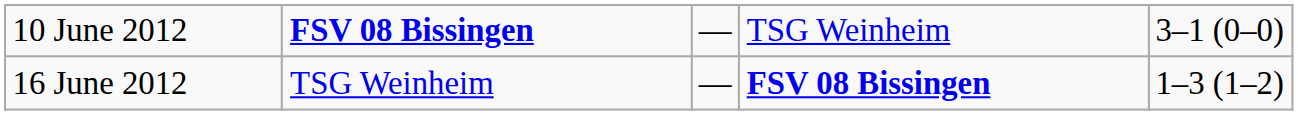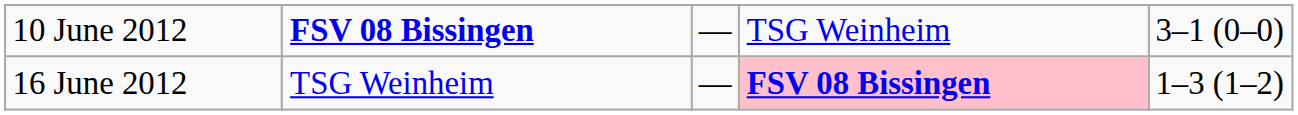 <table class="wikitable">
 <tr>
 <td style="width: 8em;">10 June 2012</td>
 <td style="width: 12em;"><strong><a href='#'>FSV 08 Bissingen</a></strong></td>
 <td style="text-align: center;">—</td>
 <td style="width: 12em;"><a href='#'>TSG Weinheim</a></td>
 <td>3–1 (0–0)</td>
 </tr>
 <tr>
 <td>16 June 2012</td>
 <td><a href='#'>TSG Weinheim</a></td>
 <td style="text-align: center;">—</td>
-<td><strong><a href='#'>FSV 08 Bissingen</a></strong></td>
+<td style="background: pink;"><strong><a href='#'>FSV 08 Bissingen</a></strong></td>
 <td>1–3 (1–2)</td>
 </tr>
 </table>
